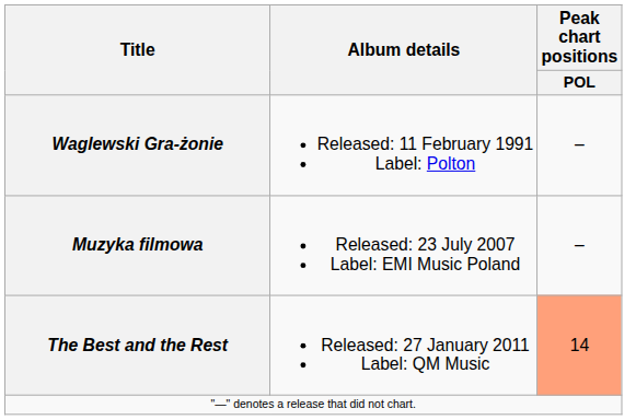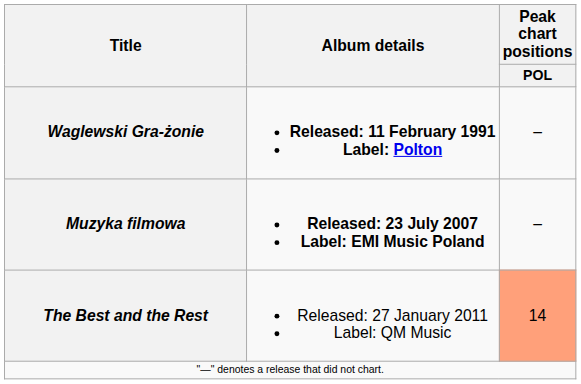 <table class="wikitable plainrowheaders" style="text-align:center;">
 <tr>
 <th scope="col" rowspan="2" style="width:15em;">Title</th>
 <th scope="col" rowspan="2">Album details</th>
 <th scope="col" colspan="1">Peak chart positions</th>
 </tr>
 <tr>
 <th scope="col" style="width:3em;font-size:90%;">POL<br></th>
 </tr>
 <tr>
 <th scope="row"><strong><em>Waglewski Gra-żonie</em></strong></th>
-<td><br><ul><li>Released: 11 February 1991</li><li>Label: <a href='#'>Polton</a></li></ul></td>
+<td><strong><br><ul><li>Released: 11 February 1991</li><li>Label: <a href='#'>Polton</a></li></ul></strong></td>
 <td>–</td>
 </tr>
 <tr>
 <th scope="row"><strong><em>Muzyka filmowa</em></strong></th>
-<td><br><ul><li>Released: 23 July 2007</li><li>Label: EMI Music Poland</li></ul></td>
+<td><strong><br><ul><li>Released: 23 July 2007</li><li>Label: EMI Music Poland</li></ul></strong></td>
 <td>–</td>
 </tr>
 <tr>
 <th scope="row"><strong><em>The Best and the Rest</em></strong></th>
 <td><br><ul><li>Released: 27 January 2011</li><li>Label: QM Music</li></ul></td>
 <td style="background: lightsalmon;">14</td>
 </tr>
 <tr>
 <td colspan=10 style=font-size:8pt;>"—" denotes a release that did not chart.</td>
 </tr>
 </table>
